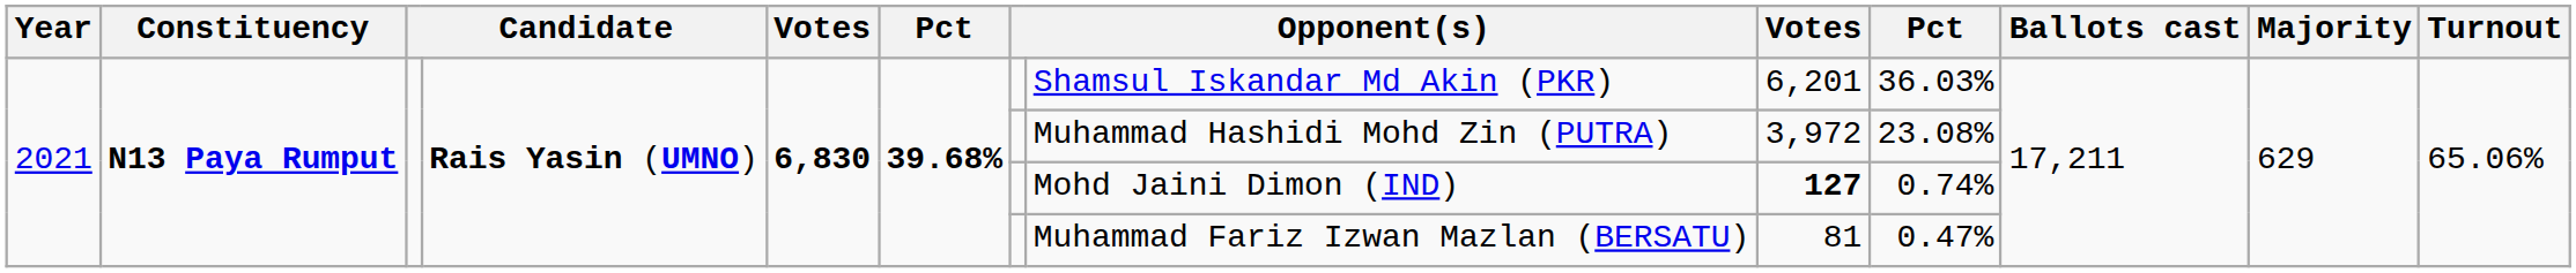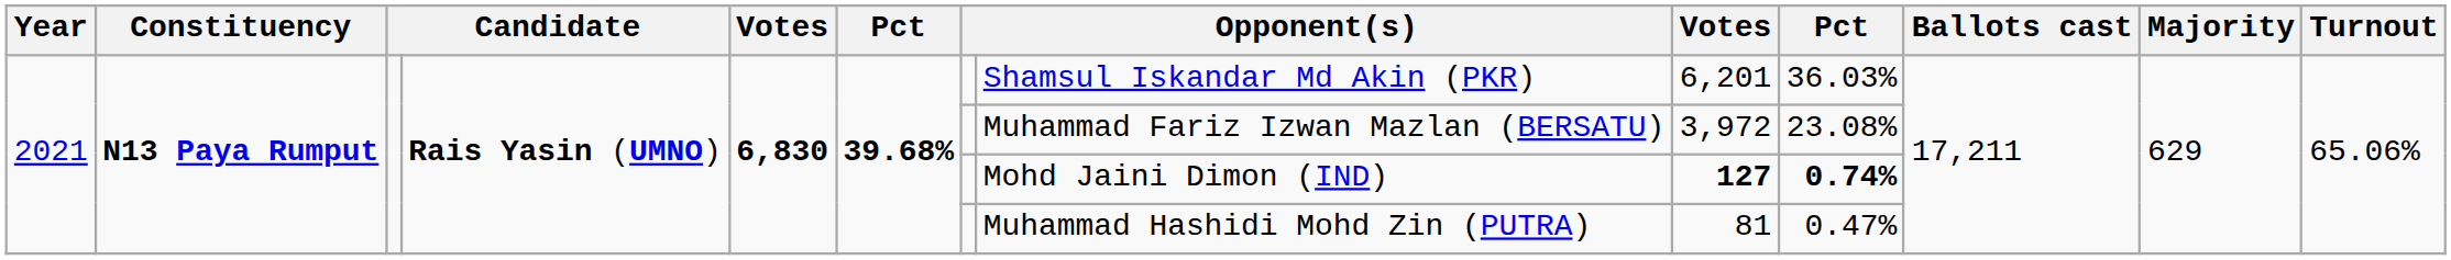 <table class="wikitable" style="margin:0.5em ; font-size:95%">
 <tr>
 <th>Year</th>
 <th>Constituency</th>
 <th colspan=2>Candidate</th>
 <th>Votes</th>
 <th>Pct</th>
 <th colspan=2>Opponent(s)</th>
 <th>Votes</th>
 <th>Pct</th>
 <th>Ballots cast</th>
 <th>Majority</th>
 <th>Turnout</th>
 </tr>
 <tr>
 <td rowspan="4"><a href='#'>2021</a></td>
 <td rowspan="4"><strong>N13 <a href='#'>Paya Rumput</a></strong></td>
 <td rowspan=4 ></td>
 <td rowspan="4"><strong>Rais Yasin</strong> (<a href='#'><strong>UMNO</strong></a>)</td>
 <td rowspan="4" align=right><strong>6,830</strong></td>
 <td rowspan="4"><strong>39.68%</strong></td>
 <td></td>
 <td><a href='#'>Shamsul Iskandar Md Akin</a> (<a href='#'>PKR</a>)</td>
 <td align=right>6,201</td>
 <td>36.03%</td>
 <td rowspan=4>17,211</td>
 <td rowspan=4>629</td>
 <td rowspan=4>65.06%</td>
 </tr>
 <tr>
 <td></td>
-<td>Muhammad Hashidi Mohd Zin (<a href='#'>PUTRA</a>)</td>
+<td>Muhammad Fariz Izwan Mazlan (<a href='#'>BERSATU</a>)</td>
 <td align="right">3,972</td>
 <td>23.08%</td>
 </tr>
 <tr>
 <td></td>
 <td>Mohd Jaini Dimon (<a href='#'>IND</a>)</td>
 <td align="right"><strong>127</strong></td>
-<td align=right>0.74%</td>
+<td align=right><strong>0.74%</strong></td>
 </tr>
 <tr>
 <td></td>
-<td>Muhammad Fariz Izwan Mazlan (<a href='#'>BERSATU</a>)</td>
+<td>Muhammad Hashidi Mohd Zin (<a href='#'>PUTRA</a>)</td>
 <td align="right">81</td>
 <td align=right>0.47%</td>
 </tr>
 </table>
